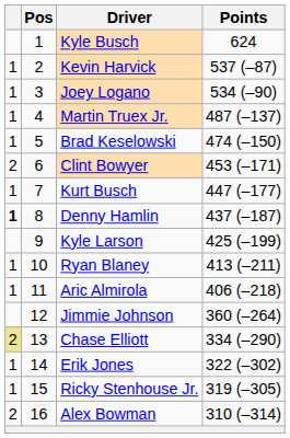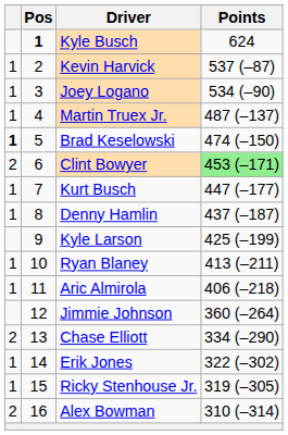 <table class="wikitable" style="font-size: 95%">
 <tr>
 <th></th>
 <th>Pos</th>
 <th>Driver</th>
 <th>Points</th>
 </tr>
 <tr>
 <td align="left"></td>
-<td style="text-align:center;">1</td>
+<td style="text-align:center;"><strong>1</strong></td>
 <td style="background:#FFDEAD;"><a href='#'>Kyle Busch</a></td>
 <td style="text-align:center;">624</td>
 </tr>
 <tr>
 <td align="left"> 1</td>
 <td style="text-align:center;">2</td>
 <td style="background:#FFDEAD;"><a href='#'>Kevin Harvick</a></td>
 <td style="text-align:center;">537 (–87)</td>
 </tr>
 <tr>
 <td align="left"> 1</td>
 <td style="text-align:center;">3</td>
 <td style="background:#FFDEAD;"><a href='#'>Joey Logano</a></td>
 <td style="text-align:center;">534 (–90)</td>
 </tr>
 <tr>
 <td align="left"> 1</td>
 <td style="text-align:center;">4</td>
 <td style="background:#FFDEAD;"><a href='#'>Martin Truex Jr.</a></td>
 <td style="text-align:center;">487 (–137)</td>
 </tr>
 <tr>
-<td align="left"> 1</td>
+<td align="left"><strong> 1</strong></td>
 <td style="text-align:center;">5</td>
 <td><a href='#'>Brad Keselowski</a></td>
 <td style="text-align:center;">474 (–150)</td>
 </tr>
 <tr>
 <td align="left"> 2</td>
 <td style="text-align:center;">6</td>
 <td style="background:#FFDEAD;"><a href='#'>Clint Bowyer</a></td>
-<td style="text-align:center;">453 (–171)</td>
+<td style="background: lightgreen; text-align:center;">453 (–171)</td>
 </tr>
 <tr>
 <td align="left"> 1</td>
 <td style="text-align:center;">7</td>
 <td><a href='#'>Kurt Busch</a></td>
 <td style="text-align:center;">447 (–177)</td>
 </tr>
 <tr>
-<td align="left"><strong> 1</strong></td>
+<td align="left"> 1</td>
 <td style="text-align:center;">8</td>
 <td><a href='#'>Denny Hamlin</a></td>
 <td style="text-align:center;">437 (–187)</td>
 </tr>
 <tr>
 <td align="left"></td>
 <td style="text-align:center;">9</td>
 <td><a href='#'>Kyle Larson</a></td>
 <td style="text-align:center;">425 (–199)</td>
 </tr>
 <tr>
 <td align="left"> 1</td>
 <td style="text-align:center;">10</td>
 <td><a href='#'>Ryan Blaney</a></td>
 <td style="text-align:center;">413 (–211)</td>
 </tr>
 <tr>
 <td align="left"> 1</td>
 <td style="text-align:center;">11</td>
 <td><a href='#'>Aric Almirola</a></td>
 <td style="text-align:center;">406 (–218)</td>
 </tr>
 <tr>
 <td align="left"></td>
 <td style="text-align:center;">12</td>
 <td><a href='#'>Jimmie Johnson</a></td>
 <td style="text-align:center;">360 (–264)</td>
 </tr>
 <tr>
-<td align="left" style="background: khaki;"> 2</td>
+<td align="left"> 2</td>
 <td style="text-align:center;">13</td>
 <td><a href='#'>Chase Elliott</a></td>
 <td style="text-align:center;">334 (–290)</td>
 </tr>
 <tr>
 <td align="left"> 1</td>
 <td style="text-align:center;">14</td>
 <td><a href='#'>Erik Jones</a></td>
 <td style="text-align:center;">322 (–302)</td>
 </tr>
 <tr>
 <td align="left"> 1</td>
 <td style="text-align:center;">15</td>
 <td><a href='#'>Ricky Stenhouse Jr.</a></td>
 <td style="text-align:center;">319 (–305)</td>
 </tr>
 <tr>
 <td align="left"> 2</td>
 <td style="text-align:center;">16</td>
 <td><a href='#'>Alex Bowman</a></td>
 <td style="text-align:center;">310 (–314)</td>
 </tr>
 <tr class="sortbottom">
 <th colspan="9"></th>
 </tr>
 </table>
